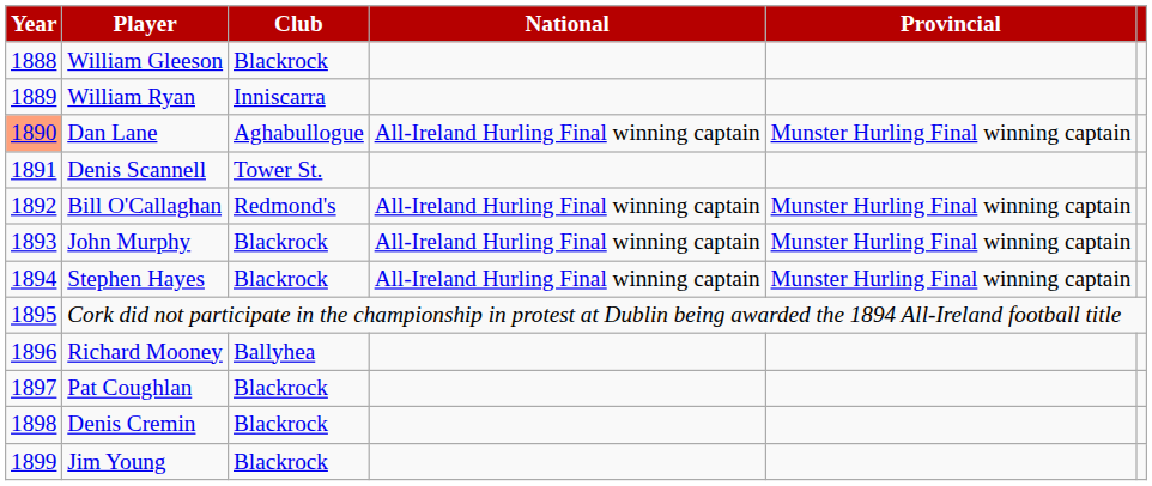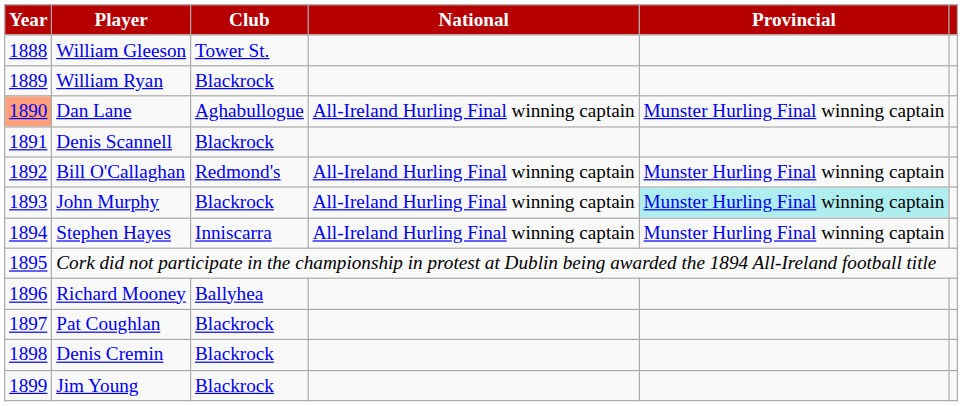 <table class="wikitable">
 <tr style="text-align:center;background:#B60000;color:white">
 <td><strong>Year</strong></td>
 <td><strong>Player</strong></td>
 <td><strong>Club</strong></td>
 <td><strong>National</strong></td>
 <td><strong>Provincial</strong></td>
 <td></td>
 </tr>
 <tr>
 <td style="text-align:left;"><a href='#'>1888</a></td>
 <td style="text-align:left;"><a href='#'>William Gleeson</a></td>
-<td style="text-align:left;"><a href='#'>Blackrock</a></td>
+<td style="text-align:left;"><a href='#'>Tower St.</a></td>
 <td></td>
 <td></td>
 <td></td>
 </tr>
 <tr>
 <td style="text-align:left;"><a href='#'>1889</a></td>
 <td style="text-align:left;"><a href='#'>William Ryan</a></td>
-<td style="text-align:left;"><a href='#'>Inniscarra</a></td>
+<td style="text-align:left;"><a href='#'>Blackrock</a></td>
 <td></td>
 <td></td>
 <td></td>
 </tr>
 <tr>
 <td style="background: lightsalmon; text-align:left;"><a href='#'>1890</a></td>
 <td style="text-align:left;"><a href='#'>Dan Lane</a></td>
 <td style="text-align:left;"><a href='#'>Aghabullogue</a></td>
 <td style="text-align:left;"><a href='#'>All-Ireland Hurling Final</a> winning captain</td>
 <td style="text-align:left;"><a href='#'>Munster Hurling Final</a> winning captain</td>
 <td></td>
 </tr>
 <tr>
 <td style="text-align:left;"><a href='#'>1891</a></td>
 <td style="text-align:left;"><a href='#'>Denis Scannell</a></td>
-<td style="text-align:left;"><a href='#'>Tower St.</a></td>
+<td style="text-align:left;"><a href='#'>Blackrock</a></td>
 <td></td>
 <td></td>
 <td></td>
 </tr>
 <tr>
 <td style="text-align:left;"><a href='#'>1892</a></td>
 <td style="text-align:left;"><a href='#'>Bill O'Callaghan</a></td>
 <td style="text-align:left;"><a href='#'>Redmond's</a></td>
 <td style="text-align:left;"><a href='#'>All-Ireland Hurling Final</a> winning captain</td>
 <td style="text-align:left;"><a href='#'>Munster Hurling Final</a> winning captain</td>
 <td></td>
 </tr>
 <tr>
 <td style="text-align:left;"><a href='#'>1893</a></td>
 <td style="text-align:left;"><a href='#'>John Murphy</a></td>
 <td style="text-align:left;"><a href='#'>Blackrock</a></td>
 <td style="text-align:left;"><a href='#'>All-Ireland Hurling Final</a> winning captain</td>
-<td style="text-align:left;"><a href='#'>Munster Hurling Final</a> winning captain</td>
+<td style="background: paleturquoise; text-align:left;"><a href='#'>Munster Hurling Final</a> winning captain</td>
 <td></td>
 </tr>
 <tr>
 <td style="text-align:left;"><a href='#'>1894</a></td>
 <td style="text-align:left;"><a href='#'>Stephen Hayes</a></td>
-<td style="text-align:left;"><a href='#'>Blackrock</a></td>
+<td style="text-align:left;"><a href='#'>Inniscarra</a></td>
 <td style="text-align:left;"><a href='#'>All-Ireland Hurling Final</a> winning captain</td>
 <td style="text-align:left;"><a href='#'>Munster Hurling Final</a> winning captain</td>
 <td></td>
 </tr>
 <tr>
 <td style="text-align:left;"><a href='#'>1895</a></td>
 <td colspan=5><em>Cork did not participate in the championship in protest at Dublin being awarded the 1894 All-Ireland football title</em></td>
 </tr>
 <tr>
 <td style="text-align:left;"><a href='#'>1896</a></td>
 <td style="text-align:left;"><a href='#'>Richard Mooney</a></td>
 <td style="text-align:left;"><a href='#'>Ballyhea</a></td>
 <td></td>
 <td></td>
 <td></td>
 </tr>
 <tr>
 <td style="text-align:left;"><a href='#'>1897</a></td>
 <td style="text-align:left;"><a href='#'>Pat Coughlan</a></td>
 <td style="text-align:left;"><a href='#'>Blackrock</a></td>
 <td></td>
 <td></td>
 <td></td>
 </tr>
 <tr>
 <td style="text-align:left;"><a href='#'>1898</a></td>
 <td style="text-align:left;"><a href='#'>Denis Cremin</a></td>
 <td style="text-align:left;"><a href='#'>Blackrock</a></td>
 <td></td>
 <td></td>
 <td></td>
 </tr>
 <tr>
 <td style="text-align:left;"><a href='#'>1899</a></td>
 <td style="text-align:left;"><a href='#'>Jim Young</a></td>
 <td style="text-align:left;"><a href='#'>Blackrock</a></td>
 <td></td>
 <td></td>
 <td></td>
 </tr>
 </table>
